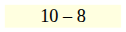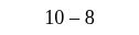 <table style="text-align:center">
 <tr>
 <th width=200></th>
 <th width=100></th>
 <th width=200></th>
 </tr>
 <tr>
 <td align=right><strong></strong></td>
-<td style="background: lightyellow;">10 – 8</td>
+<td>10 – 8</td>
 <td align=left></td>
 </tr>
 </table>
